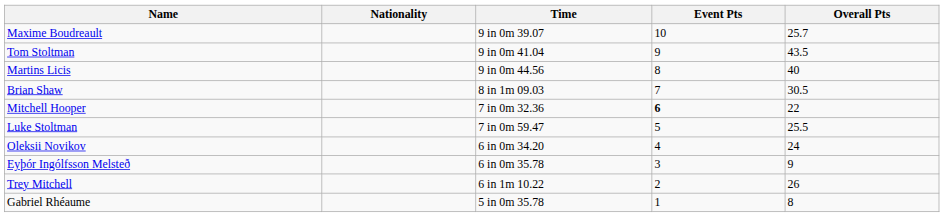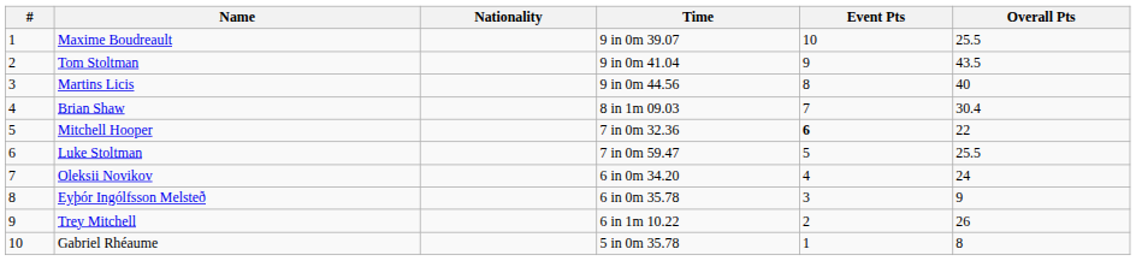 <table class="wikitable sortable" style="display: inline-table;width: 100%;">
 <tr>
+<th>#</th>
 <th>Name</th>
 <th>Nationality</th>
 <th>Time</th>
 <th>Event Pts</th>
 <th>Overall Pts</th>
 </tr>
 <tr>
+<td>1</td>
 <td><a href='#'>Maxime Boudreault</a></td>
 <td></td>
 <td>9 in 0m 39.07</td>
 <td>10</td>
-<td>25.7</td>
+<td>25.5</td>
 </tr>
 <tr>
+<td>2</td>
 <td><a href='#'>Tom Stoltman</a></td>
 <td></td>
 <td>9 in 0m 41.04</td>
 <td>9</td>
 <td>43.5</td>
 </tr>
 <tr>
+<td>3</td>
 <td><a href='#'>Martins Licis</a></td>
 <td></td>
 <td>9 in 0m 44.56</td>
 <td>8</td>
 <td>40</td>
 </tr>
 <tr>
+<td>4</td>
 <td><a href='#'>Brian Shaw</a></td>
 <td></td>
 <td>8 in 1m 09.03</td>
 <td>7</td>
-<td>30.5</td>
+<td>30.4</td>
 </tr>
 <tr>
+<td>5</td>
 <td><a href='#'>Mitchell Hooper</a></td>
 <td></td>
 <td>7 in 0m 32.36</td>
 <td><strong>6</strong></td>
 <td>22</td>
 </tr>
 <tr>
+<td>6</td>
 <td><a href='#'>Luke Stoltman</a></td>
 <td></td>
 <td>7 in 0m 59.47</td>
 <td>5</td>
 <td>25.5</td>
 </tr>
 <tr>
+<td>7</td>
 <td><a href='#'>Oleksii Novikov</a></td>
 <td></td>
 <td>6 in 0m 34.20</td>
 <td>4</td>
 <td>24</td>
 </tr>
 <tr>
+<td>8</td>
 <td><a href='#'>Eyþór Ingólfsson Melsteð</a></td>
 <td></td>
 <td>6 in 0m 35.78</td>
 <td>3</td>
 <td>9</td>
 </tr>
 <tr>
+<td>9</td>
 <td><a href='#'>Trey Mitchell</a></td>
 <td></td>
 <td>6 in 1m 10.22</td>
 <td>2</td>
 <td>26</td>
 </tr>
 <tr>
+<td>10</td>
 <td>Gabriel Rhéaume</td>
 <td></td>
 <td>5 in 0m 35.78</td>
 <td>1</td>
 <td>8</td>
 </tr>
 </table>
